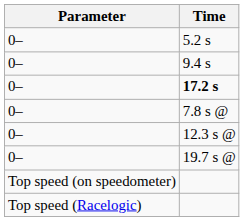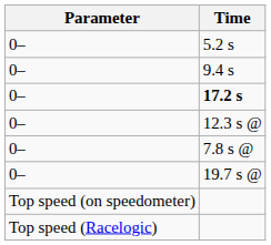 <table class="wikitable">
 <tr>
 <th>Parameter</th>
 <th>Time</th>
 </tr>
 <tr>
 <td>0–</td>
 <td>5.2 s</td>
 </tr>
 <tr>
 <td>0–</td>
 <td>9.4 s</td>
 </tr>
 <tr>
 <td>0–</td>
 <td><strong>17.2 s</strong></td>
 </tr>
 <tr>
 <td>0–</td>
-<td>7.8 s @ </td>
+<td>12.3 s @ </td>
 </tr>
 <tr>
 <td>0–</td>
-<td>12.3 s @ </td>
+<td>7.8 s @ </td>
 </tr>
 <tr>
 <td>0–</td>
 <td>19.7 s @ </td>
 </tr>
 <tr>
 <td>Top speed (on speedometer)</td>
 <td></td>
 </tr>
 <tr>
 <td>Top speed (<a href='#'>Racelogic</a>)</td>
 <td></td>
 </tr>
 </table>
